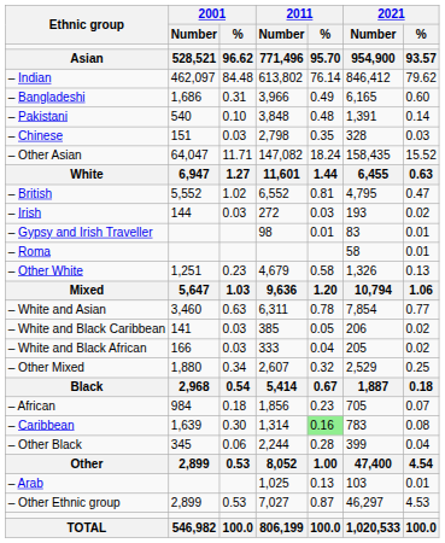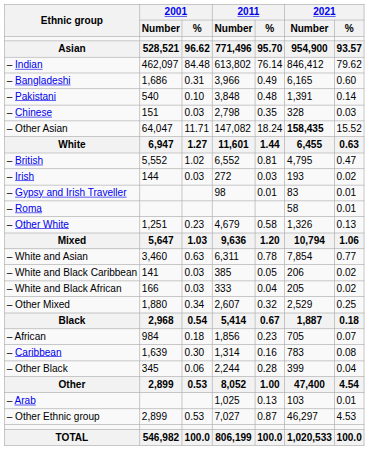 <table class="sortable wikitable">
 <tr>
 <th rowspan="2">Ethnic group</th>
 <th colspan="2"><a href='#'>2001</a></th>
 <th colspan="2"><a href='#'>2011</a></th>
 <th colspan="2"><a href='#'>2021</a></th>
 </tr>
 <tr>
 <th>Number</th>
 <th>%</th>
 <th>Number</th>
 <th>%</th>
 <th>Number</th>
 <th>%</th>
 </tr>
 <tr>
 <td></td>
 <td></td>
 <td></td>
 <td></td>
 <td></td>
 <td></td>
 </tr>
 <tr>
 <th align=left>Asian</th>
 <th>528,521</th>
 <th>96.62</th>
 <th>771,496</th>
 <th>95.70</th>
 <th>954,900</th>
 <th>93.57</th>
 </tr>
 <tr>
 <td align=left>– <a href='#'>Indian</a></td>
 <td>462,097</td>
 <td>84.48</td>
 <td>613,802</td>
 <td>76.14</td>
 <td>846,412</td>
 <td>79.62</td>
 </tr>
 <tr>
 <td align=left>– <a href='#'>Bangladeshi</a></td>
 <td>1,686</td>
 <td>0.31</td>
 <td>3,966</td>
 <td>0.49</td>
 <td>6,165</td>
 <td>0.60</td>
 </tr>
 <tr>
 <td align=left>– <a href='#'>Pakistani</a></td>
 <td>540</td>
 <td>0.10</td>
 <td>3,848</td>
 <td>0.48</td>
 <td>1,391</td>
 <td>0.14</td>
 </tr>
 <tr>
 <td align=left>– <a href='#'>Chinese</a></td>
 <td>151</td>
 <td>0.03</td>
 <td>2,798</td>
 <td>0.35</td>
 <td>328</td>
 <td>0.03</td>
 </tr>
 <tr>
 <td align=left>– Other Asian</td>
 <td>64,047</td>
 <td>11.71</td>
 <td>147,082</td>
 <td>18.24</td>
-<td>158,435</td>
+<td><strong>158,435</strong></td>
 <td>15.52</td>
 </tr>
 <tr>
 <th align=left>White</th>
 <th>6,947</th>
 <th>1.27</th>
 <th>11,601</th>
 <th>1.44</th>
 <th>6,455</th>
 <th>0.63</th>
 </tr>
 <tr>
 <td align=left>– <a href='#'>British</a></td>
 <td>5,552</td>
 <td>1.02</td>
 <td>6,552</td>
 <td>0.81</td>
 <td>4,795</td>
 <td>0.47</td>
 </tr>
 <tr>
 <td align=left>– <a href='#'>Irish</a></td>
 <td>144</td>
 <td>0.03</td>
 <td>272</td>
 <td>0.03</td>
 <td>193</td>
 <td>0.02</td>
 </tr>
 <tr>
 <td align=left>– <a href='#'>Gypsy and Irish Traveller</a></td>
 <td></td>
 <td></td>
 <td>98</td>
 <td>0.01</td>
 <td>83</td>
 <td>0.01</td>
 </tr>
 <tr>
 <td align=left>– <a href='#'>Roma</a></td>
 <td></td>
 <td></td>
 <td></td>
 <td></td>
 <td>58</td>
 <td>0.01</td>
 </tr>
 <tr>
 <td align=left>– <a href='#'>Other White</a></td>
 <td>1,251</td>
 <td>0.23</td>
 <td>4,679</td>
 <td>0.58</td>
 <td>1,326</td>
 <td>0.13</td>
 </tr>
 <tr>
 <th align=left>Mixed</th>
 <th>5,647</th>
 <th>1.03</th>
 <th>9,636</th>
 <th>1.20</th>
 <th>10,794</th>
 <th>1.06</th>
 </tr>
 <tr>
 <td align=left>– White and Asian</td>
 <td>3,460</td>
 <td>0.63</td>
 <td>6,311</td>
 <td>0.78</td>
 <td>7,854</td>
 <td>0.77</td>
 </tr>
 <tr>
 <td align=left>– White and Black Caribbean</td>
 <td>141</td>
 <td>0.03</td>
 <td>385</td>
 <td>0.05</td>
 <td>206</td>
 <td>0.02</td>
 </tr>
 <tr>
 <td align=left>– White and Black African</td>
 <td>166</td>
 <td>0.03</td>
 <td>333</td>
 <td>0.04</td>
 <td>205</td>
 <td>0.02</td>
 </tr>
 <tr>
 <td align=left>– Other Mixed</td>
 <td>1,880</td>
 <td>0.34</td>
 <td>2,607</td>
 <td>0.32</td>
 <td>2,529</td>
 <td>0.25</td>
 </tr>
 <tr>
 <th align=left>Black</th>
 <th>2,968</th>
 <th>0.54</th>
 <th>5,414</th>
 <th>0.67</th>
 <th>1,887</th>
 <th>0.18</th>
 </tr>
 <tr>
 <td align=left>– African</td>
 <td>984</td>
 <td>0.18</td>
 <td>1,856</td>
 <td>0.23</td>
 <td>705</td>
 <td>0.07</td>
 </tr>
 <tr>
 <td align=left>– <a href='#'>Caribbean</a></td>
 <td>1,639</td>
 <td>0.30</td>
 <td>1,314</td>
-<td style="background: lightgreen;">0.16</td>
+<td>0.16</td>
 <td>783</td>
 <td>0.08</td>
 </tr>
 <tr>
 <td align=left>– Other Black</td>
 <td>345</td>
 <td>0.06</td>
 <td>2,244</td>
 <td>0.28</td>
 <td>399</td>
 <td>0.04</td>
 </tr>
 <tr>
 <th align=left>Other</th>
 <th>2,899</th>
 <th>0.53</th>
 <th>8,052</th>
 <th>1.00</th>
 <th>47,400</th>
 <th>4.54</th>
 </tr>
 <tr>
 <td align=left>– <a href='#'>Arab</a></td>
 <td></td>
 <td></td>
 <td>1,025</td>
 <td>0.13</td>
 <td>103</td>
 <td>0.01</td>
 </tr>
 <tr>
 <td align=left>– Other Ethnic group</td>
 <td>2,899</td>
 <td>0.53</td>
 <td>7,027</td>
 <td>0.87</td>
 <td>46,297</td>
 <td>4.53</td>
 </tr>
 <tr>
 <td></td>
 <td></td>
 <td></td>
 <td></td>
 <td></td>
 <td></td>
 </tr>
 <tr>
 <th align=left>TOTAL</th>
 <th>546,982</th>
 <th>100.0</th>
 <th>806,199</th>
 <th>100.0</th>
 <th>1,020,533</th>
 <th>100.0</th>
 </tr>
 </table>
